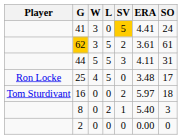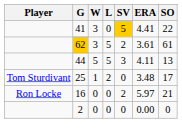 <table class="wikitable sortable">
 <tr>
 <th>Player</th>
 <th>G</th>
 <th>W</th>
 <th>L</th>
 <th>SV</th>
 <th>ERA</th>
 <th>SO</th>
 </tr>
 <tr align="center">
 <td></td>
 <td>41</td>
 <td>3</td>
 <td>0</td>
 <td bgcolor="#FFCC00">5</td>
 <td>4.41</td>
-<td>24</td>
+<td>22</td>
 </tr>
 <tr align=center>
 <td></td>
 <td bgcolor="#FFCC00">62</td>
 <td>3</td>
 <td>5</td>
 <td>2</td>
 <td>3.61</td>
 <td>61</td>
 </tr>
 <tr align="center">
 <td></td>
 <td>44</td>
 <td>5</td>
 <td>5</td>
 <td>3</td>
 <td>4.11</td>
-<td>31</td>
+<td>13</td>
 </tr>
 <tr align="center">
-<td><a href='#'>Ron Locke</a></td>
+<td><a href='#'>Tom Sturdivant</a></td>
 <td>25</td>
-<td>4</td>
-<td>5</td>
+<td>1</td>
+<td>2</td>
 <td>0</td>
 <td>3.48</td>
 <td>17</td>
 </tr>
 <tr align="center">
-<td><a href='#'>Tom Sturdivant</a></td>
+<td><a href='#'>Ron Locke</a></td>
 <td>16</td>
 <td>0</td>
 <td>0</td>
 <td>2</td>
 <td>5.97</td>
-<td>18</td>
-</tr>
-<tr align="center">
-<td></td>
-<td>8</td>
-<td>0</td>
-<td>2</td>
-<td>1</td>
-<td>5.40</td>
-<td>3</td>
+<td>21</td>
 </tr>
 <tr align="center">
 <td></td>
 <td>2</td>
 <td>0</td>
 <td>0</td>
 <td>0</td>
 <td>0.00</td>
 <td>0</td>
 </tr>
 </table>
